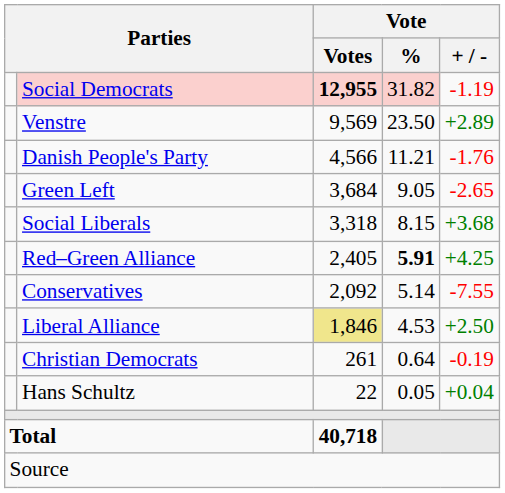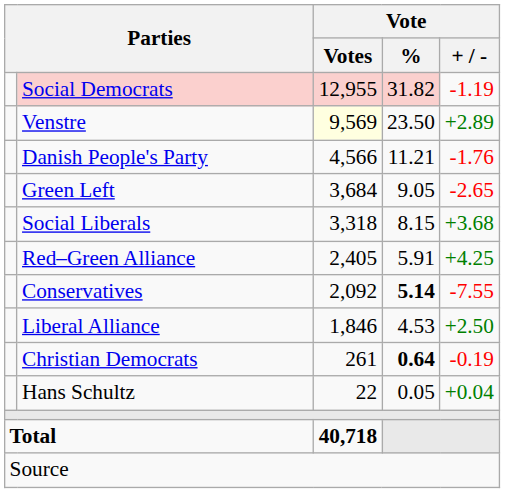 <table class="wikitable" style="text-align:right;">
 <tr>
 <th style="text-align:centre;" rowspan="2" colspan="2" width="225">Parties</th>
 <th colspan="3">Vote</th>
 </tr>
 <tr>
 <th width="15">Votes</th>
 <th width="15">%</th>
 <th width="15">+ / -</th>
 </tr>
 <tr>
 <td width="2" style="color:inherit;background:"></td>
 <td bgcolor=#fbd0ce  align="left"><a href='#'>Social Democrats</a></td>
-<td bgcolor=#fbd0ce><strong>12,955</strong></td>
+<td bgcolor=#fbd0ce>12,955</td>
 <td bgcolor=#fbd0ce>31.82</td>
 <td style=color:red;>-1.19</td>
 </tr>
 <tr>
 <td width="2" style="color:inherit;background:"></td>
 <td align="left"><a href='#'>Venstre</a></td>
-<td>9,569</td>
+<td style="background: lightyellow;">9,569</td>
 <td>23.50</td>
 <td style=color:green;>+2.89</td>
 </tr>
 <tr>
 <td width="2" style="color:inherit;background:"></td>
 <td align="left"><a href='#'>Danish People's Party</a></td>
 <td>4,566</td>
 <td>11.21</td>
 <td style=color:red;>-1.76</td>
 </tr>
 <tr>
 <td width="2" style="color:inherit;background:"></td>
 <td align="left"><a href='#'>Green Left</a></td>
 <td>3,684</td>
 <td>9.05</td>
 <td style=color:red;>-2.65</td>
 </tr>
 <tr>
 <td width="2" style="color:inherit;background:"></td>
 <td align="left"><a href='#'>Social Liberals</a></td>
 <td>3,318</td>
 <td>8.15</td>
 <td style=color:green;>+3.68</td>
 </tr>
 <tr>
 <td width="2" style="color:inherit;background:"></td>
 <td align="left"><a href='#'>Red–Green Alliance</a></td>
 <td>2,405</td>
-<td><strong>5.91</strong></td>
+<td>5.91</td>
 <td style=color:green;>+4.25</td>
 </tr>
 <tr>
 <td width="2" style="color:inherit;background:"></td>
 <td align="left"><a href='#'>Conservatives</a></td>
 <td>2,092</td>
-<td>5.14</td>
+<td><strong>5.14</strong></td>
 <td style=color:red;>-7.55</td>
 </tr>
 <tr>
 <td width="2" style="color:inherit;background:"></td>
 <td align="left"><a href='#'>Liberal Alliance</a></td>
-<td style="background: khaki;">1,846</td>
+<td>1,846</td>
 <td>4.53</td>
 <td style=color:green;>+2.50</td>
 </tr>
 <tr>
 <td width="2" style="color:inherit;background:"></td>
 <td align="left"><a href='#'>Christian Democrats</a></td>
 <td>261</td>
-<td>0.64</td>
+<td><strong>0.64</strong></td>
 <td style=color:red;>-0.19</td>
 </tr>
 <tr>
 <td width="2" style="color:inherit;background:"></td>
 <td align="left">Hans Schultz</td>
 <td>22</td>
 <td>0.05</td>
 <td style=color:green;>+0.04</td>
 </tr>
 <tr>
 <td colspan="7" bgcolor="#E9E9E9"></td>
 </tr>
 <tr>
 <td align="left" colspan="2"><strong>Total</strong></td>
 <td><strong>40,718</strong></td>
 <td bgcolor="#E9E9E9" colspan="2"></td>
 </tr>
 <tr>
 <td align="left" colspan="6">Source</td>
 </tr>
 </table>
